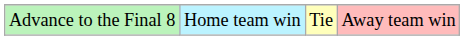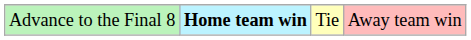 <table class="wikitable" style="font-size:90%; text-align:center;">
 <tr>
 </tr>
 <tr>
 <td style="background:#BBF3BB;">Advance to the Final 8</td>
-<td style="background:#BBF3FF;">Home team win</td>
+<td style="background:#BBF3FF;"><strong>Home team win</strong></td>
 <td style="background:#FFFFBB;">Tie</td>
 <td style="background:#FFBBBB;">Away team win</td>
 </tr>
 </table>
